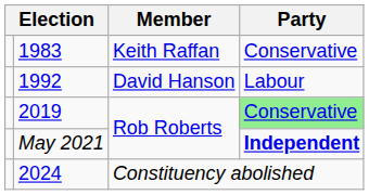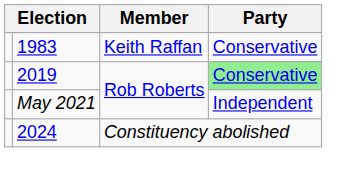 <table class="wikitable">
 <tr>
 <th colspan="2">Election</th>
 <th>Member</th>
 <th>Party</th>
 </tr>
 <tr>
 <td style="color:inherit;background-color: "></td>
 <td><a href='#'>1983</a></td>
 <td><a href='#'>Keith Raffan</a></td>
 <td><a href='#'>Conservative</a></td>
 </tr>
 <tr>
 <td style="color:inherit;background-color: "></td>
-<td><a href='#'>1992</a></td>
-<td><a href='#'>David Hanson</a></td>
-<td><a href='#'>Labour</a></td>
-</tr>
-<tr>
-<td style="color:inherit;background-color: "></td>
 <td><a href='#'>2019</a></td>
 <td rowspan=2><a href='#'>Rob Roberts</a></td>
 <td style="background: lightgreen;"><a href='#'>Conservative</a></td>
 </tr>
 <tr>
 <td style="color:inherit;background-color: "></td>
 <td><em>May 2021</em></td>
-<td><strong><a href='#'>Independent</a></strong></td>
+<td><a href='#'>Independent</a></td>
 </tr>
 <tr>
 <td></td>
 <td><a href='#'>2024</a></td>
 <td colspan="2"><em>Constituency abolished</em></td>
 </tr>
 </table>
